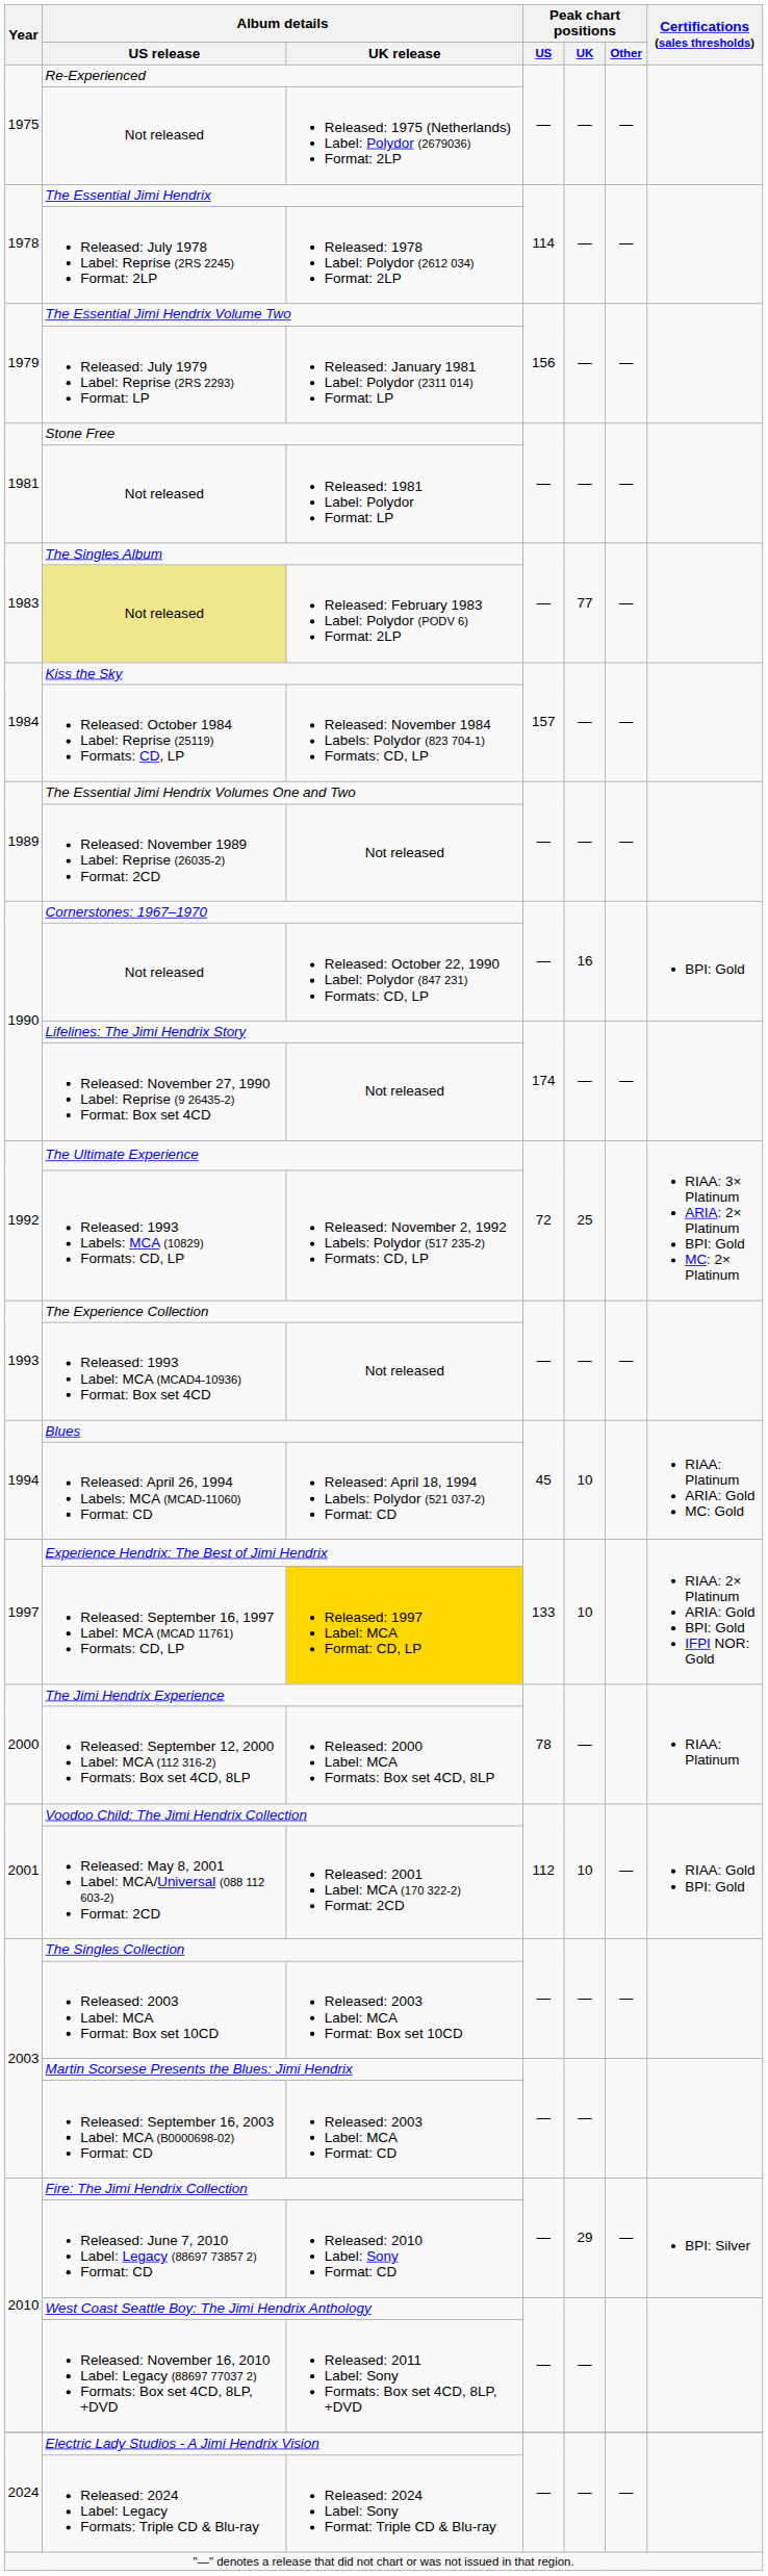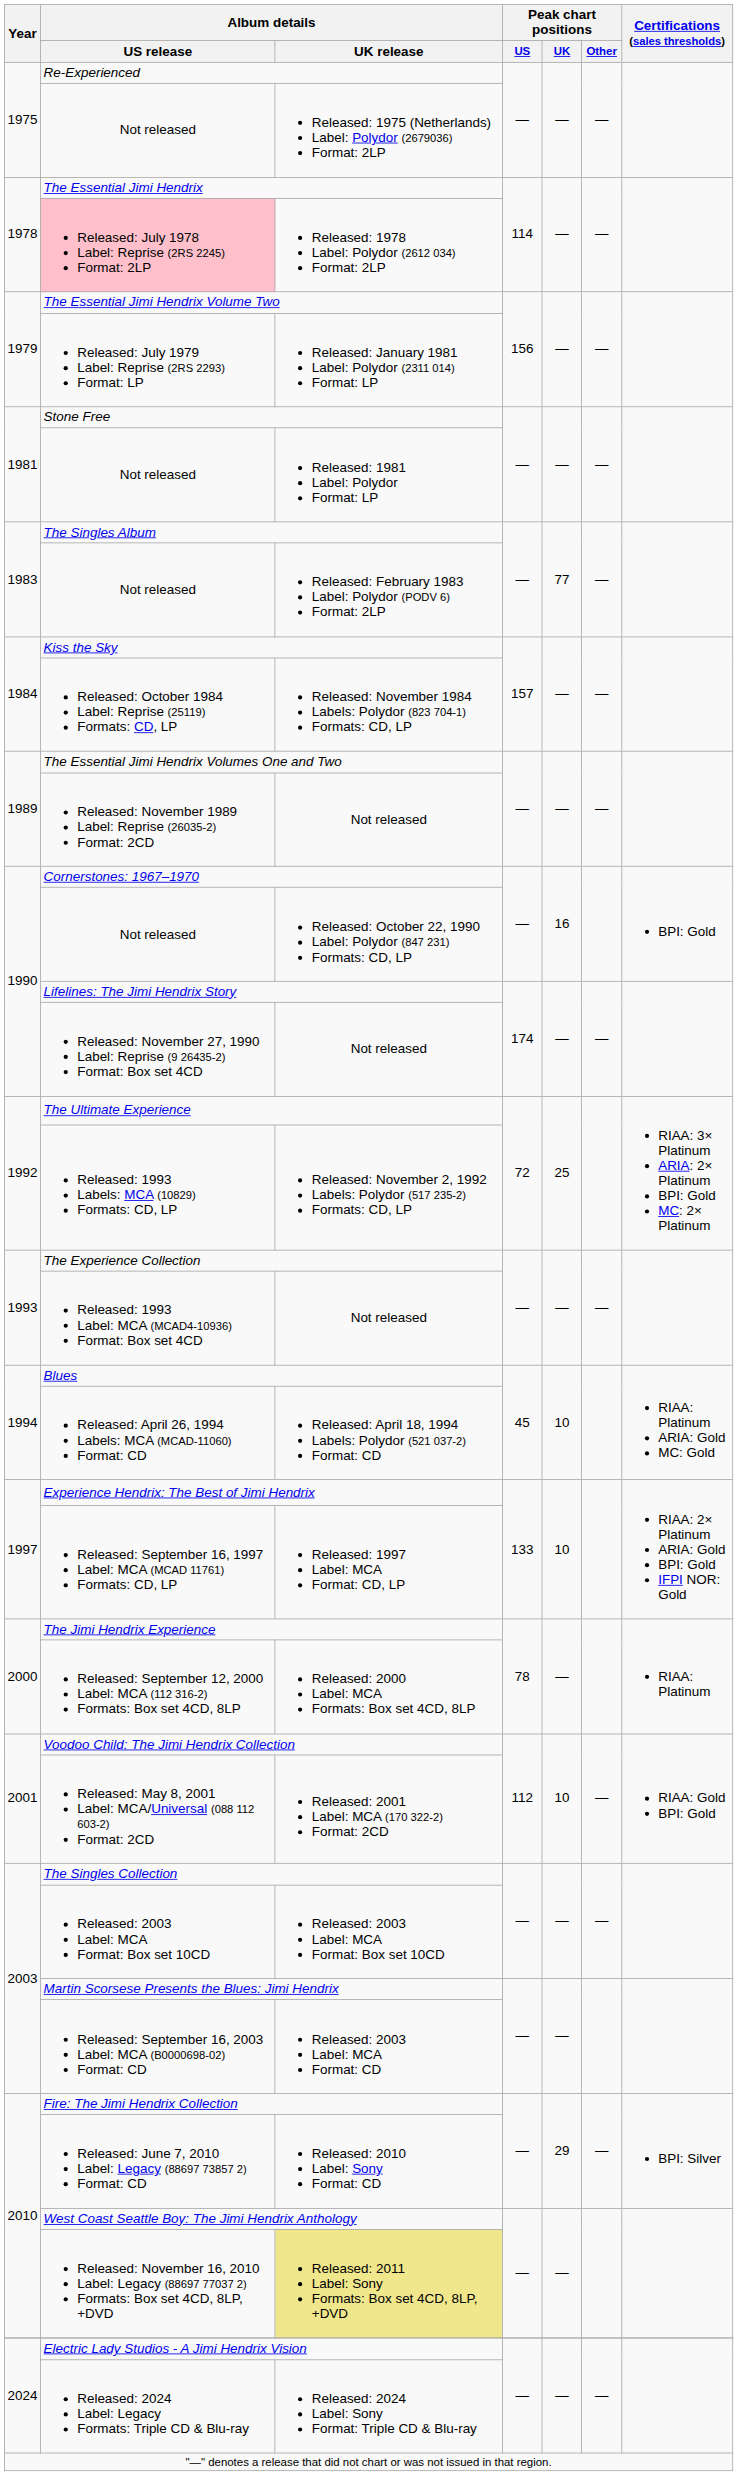 <table class="wikitable">
 <tr>
 <th rowspan="3">Year</th>
 <th rowspan="2" colspan="2" style="width:500px;">Album details</th>
 <th colspan="3">Peak chart positions</th>
 <th rowspan="3" style="width:125px;"><a href='#'>Certifications</a><br><small>(<a href='#'>sales thresholds</a>)</small></th>
 </tr>
 <tr>
 <th style="width:3em;font-size:85%" rowspan="2"><a href='#'>US</a><br></th>
 <th style="width:3em;font-size:85%" rowspan="2"><a href='#'>UK</a><br></th>
 <th style="width:3em;font-size:85%" rowspan="2"><a href='#'>Other</a><br></th>
 </tr>
 <tr>
 <th>US release</th>
 <th>UK release</th>
 </tr>
 <tr>
 <td rowspan="2">1975</td>
 <td colspan="2"><em>Re-Experienced</em></td>
 <td style="text-align:center;" rowspan="2">—</td>
 <td style="text-align:center;" rowspan="2">—</td>
 <td style="text-align:center;" rowspan="2">—</td>
 <td rowspan="2"></td>
 </tr>
 <tr>
 <td style="text-align:center;">Not released</td>
 <td><br><ul><li>Released: 1975 (Netherlands)</li><li>Label: <a href='#'>Polydor</a> <small>(2679036)</small></li><li>Format: 2LP</li></ul></td>
 </tr>
 <tr>
 <td rowspan="2">1978</td>
 <td colspan="2"><em><a href='#'>The Essential Jimi Hendrix</a></em></td>
 <td style="text-align:center;" rowspan="2">114</td>
 <td style="text-align:center;" rowspan="2">—</td>
 <td style="text-align:center;" rowspan="2">—</td>
 <td rowspan="2"></td>
 </tr>
 <tr>
-<td><br><ul><li>Released: July 1978</li><li>Label: Reprise <small>(2RS 2245)</small></li><li>Format: 2LP</li></ul></td>
+<td style="background: pink;"><br><ul><li>Released: July 1978</li><li>Label: Reprise <small>(2RS 2245)</small></li><li>Format: 2LP</li></ul></td>
 <td><br><ul><li>Released: 1978</li><li>Label: Polydor <small>(2612 034)</small></li><li>Format: 2LP</li></ul></td>
 </tr>
 <tr>
 <td rowspan="2">1979</td>
 <td colspan="2"><em><a href='#'>The Essential Jimi Hendrix Volume Two</a></em></td>
 <td style="text-align:center;" rowspan="2">156</td>
 <td style="text-align:center;" rowspan="2">—</td>
 <td style="text-align:center;" rowspan="2">—</td>
 <td rowspan="2"></td>
 </tr>
 <tr>
 <td><br><ul><li>Released: July 1979</li><li>Label: Reprise <small>(2RS 2293)</small></li><li>Format: LP</li></ul></td>
 <td><br><ul><li>Released: January 1981</li><li>Label: Polydor <small>(2311 014)</small></li><li>Format: LP</li></ul></td>
 </tr>
 <tr>
 <td rowspan="2">1981</td>
 <td colspan="2"><em>Stone Free</em></td>
 <td style="text-align:center;" rowspan="2">—</td>
 <td style="text-align:center;" rowspan="2">—</td>
 <td style="text-align:center;" rowspan="2">—</td>
 <td rowspan="2"></td>
 </tr>
 <tr>
 <td style="text-align:center;">Not released</td>
 <td><br><ul><li>Released: 1981</li><li>Label: Polydor</li><li>Format: LP</li></ul></td>
 </tr>
 <tr>
 <td rowspan="2">1983</td>
 <td colspan="2"><em><a href='#'>The Singles Album</a></em></td>
 <td style="text-align:center;" rowspan="2">—</td>
 <td style="text-align:center;" rowspan="2">77</td>
 <td style="text-align:center;" rowspan="2">—</td>
 <td rowspan="2"></td>
 </tr>
 <tr>
-<td style="background: khaki; text-align:center;">Not released</td>
+<td style="text-align:center;">Not released</td>
 <td><br><ul><li>Released: February 1983</li><li>Label: Polydor <small>(PODV 6)</small></li><li>Format: 2LP</li></ul></td>
 </tr>
 <tr>
 <td rowspan="2">1984</td>
 <td colspan="2"><em><a href='#'>Kiss the Sky</a></em></td>
 <td style="text-align:center;" rowspan="2">157</td>
 <td style="text-align:center;" rowspan="2">—</td>
 <td style="text-align:center;" rowspan="2">—</td>
 <td rowspan="2"></td>
 </tr>
 <tr>
 <td><br><ul><li>Released: October 1984</li><li>Label: Reprise <small>(25119)</small></li><li>Formats: <a href='#'>CD</a>, LP</li></ul></td>
 <td><br><ul><li>Released: November 1984</li><li>Labels: Polydor <small>(823 704-1)</small></li><li>Formats: CD, LP</li></ul></td>
 </tr>
 <tr>
 <td rowspan="2">1989</td>
 <td colspan="2"><em>The Essential Jimi Hendrix Volumes One and Two</em></td>
 <td style="text-align:center;" rowspan="2">—</td>
 <td style="text-align:center;" rowspan="2">—</td>
 <td style="text-align:center;" rowspan="2">—</td>
 <td rowspan="2"></td>
 </tr>
 <tr>
 <td><br><ul><li>Released: November 1989</li><li>Label: Reprise <small>(26035-2)</small></li><li>Format: 2CD</li></ul></td>
 <td style="text-align:center;">Not released</td>
 </tr>
 <tr>
 <td rowspan="4">1990</td>
 <td colspan="2"><em><a href='#'>Cornerstones: 1967&ndash;1970</a></em></td>
 <td style="text-align:center;" rowspan="2">—</td>
 <td style="text-align:center;" rowspan="2">16</td>
 <td style="text-align:center;" rowspan="2"></td>
 <td rowspan="2"><br><ul><li>BPI: Gold</li></ul></td>
 </tr>
 <tr>
 <td style="text-align:center;">Not released</td>
 <td><br><ul><li>Released: October 22, 1990</li><li>Label: Polydor <small>(847 231)</small></li><li>Formats: CD, LP</li></ul></td>
 </tr>
 <tr>
 <td colspan="2"><em><a href='#'>Lifelines: The Jimi Hendrix Story</a></em></td>
 <td style="text-align:center;" rowspan="2">174</td>
 <td style="text-align:center;" rowspan="2">—</td>
 <td style="text-align:center;" rowspan="2">—</td>
 <td rowspan="2"></td>
 </tr>
 <tr>
 <td><br><ul><li>Released: November 27, 1990</li><li>Label: Reprise <small>(9 26435-2)</small></li><li>Format: Box set 4CD</li></ul></td>
 <td style="text-align:center;">Not released</td>
 </tr>
 <tr>
 <td rowspan="2">1992</td>
 <td colspan="2"><em><a href='#'>The Ultimate Experience</a></em></td>
 <td style="text-align:center;" rowspan="2">72</td>
 <td style="text-align:center;" rowspan="2">25</td>
 <td style="text-align:center;" rowspan="2"></td>
 <td rowspan="2"><br><ul><li>RIAA: 3× Platinum</li><li><a href='#'>ARIA</a>: 2× Platinum</li><li>BPI: Gold</li><li><a href='#'>MC</a>: 2× Platinum</li></ul></td>
 </tr>
 <tr>
 <td><br><ul><li>Released: 1993</li><li>Labels: <a href='#'>MCA</a> <small>(10829)</small></li><li>Formats: CD, LP</li></ul></td>
 <td><br><ul><li>Released: November 2, 1992</li><li>Labels: Polydor <small>(517 235-2)</small></li><li>Formats: CD, LP</li></ul></td>
 </tr>
 <tr>
 <td rowspan="2">1993</td>
 <td colspan="2"><em>The Experience Collection</em></td>
 <td style="text-align:center;" rowspan="2">—</td>
 <td style="text-align:center;" rowspan="2">—</td>
 <td style="text-align:center;" rowspan="2">—</td>
 <td rowspan="2"></td>
 </tr>
 <tr>
 <td><br><ul><li>Released: 1993</li><li>Label: MCA <small>(MCAD4-10936)</small></li><li>Format: Box set 4CD</li></ul></td>
 <td style="text-align:center;">Not released</td>
 </tr>
 <tr>
 <td rowspan="2">1994</td>
 <td colspan="2"><em><a href='#'>Blues</a></em></td>
 <td style="text-align:center;" rowspan="2">45</td>
 <td style="text-align:center;" rowspan="2">10</td>
 <td style="text-align:center;" rowspan="2"></td>
 <td rowspan="2"><br><ul><li>RIAA: Platinum</li><li>ARIA: Gold</li><li>MC: Gold</li></ul></td>
 </tr>
 <tr>
 <td><br><ul><li>Released: April 26, 1994</li><li>Labels: MCA <small>(MCAD-11060)</small></li><li>Format: CD</li></ul></td>
 <td><br><ul><li>Released: April 18, 1994</li><li>Labels: Polydor <small>(521 037-2)</small></li><li>Format: CD</li></ul></td>
 </tr>
 <tr>
 <td rowspan="2">1997</td>
 <td colspan="2"><em><a href='#'>Experience Hendrix: The Best of Jimi Hendrix</a></em></td>
 <td style="text-align:center;" rowspan="2">133</td>
 <td style="text-align:center;" rowspan="2">10</td>
 <td style="text-align:center;" rowspan="2"></td>
 <td rowspan="2"><br><ul><li>RIAA: 2× Platinum</li><li>ARIA: Gold</li><li>BPI: Gold</li><li><a href='#'>IFPI</a> NOR: Gold</li></ul></td>
 </tr>
 <tr>
 <td><br><ul><li>Released: September 16, 1997</li><li>Label: MCA <small>(MCAD 11761)</small></li><li>Formats: CD, LP</li></ul></td>
-<td style="background: gold;"><br><ul><li>Released: 1997</li><li>Label: MCA</li><li>Format: CD, LP</li></ul></td>
+<td><br><ul><li>Released: 1997</li><li>Label: MCA</li><li>Format: CD, LP</li></ul></td>
 </tr>
 <tr>
 <td rowspan="2">2000</td>
 <td colspan="2"><em><a href='#'>The Jimi Hendrix Experience</a></em></td>
 <td style="text-align:center;" rowspan="2">78</td>
 <td style="text-align:center;" rowspan="2">—</td>
 <td style="text-align:center;" rowspan="2"></td>
 <td rowspan="2"><br><ul><li>RIAA: Platinum</li></ul></td>
 </tr>
 <tr>
 <td><br><ul><li>Released: September 12, 2000</li><li>Label: MCA <small>(112 316-2)</small></li><li>Formats: Box set 4CD, 8LP</li></ul></td>
 <td><br><ul><li>Released: 2000</li><li>Label: MCA</li><li>Formats: Box set 4CD, 8LP</li></ul></td>
 </tr>
 <tr>
 <td rowspan="2">2001</td>
 <td colspan="2"><em><a href='#'>Voodoo Child: The Jimi Hendrix Collection</a></em></td>
 <td style="text-align:center;" rowspan="2">112</td>
 <td style="text-align:center;" rowspan="2">10</td>
 <td style="text-align:center;" rowspan="2">—</td>
 <td rowspan="2"><br><ul><li>RIAA: Gold</li><li>BPI: Gold</li></ul></td>
 </tr>
 <tr>
 <td><br><ul><li>Released: May 8, 2001</li><li>Label: MCA/<a href='#'>Universal</a>  <small>(088 112 603-2)</small></li><li>Format: 2CD</li></ul></td>
 <td><br><ul><li>Released: 2001</li><li>Label: MCA <small>(170 322-2)</small></li><li>Format: 2CD</li></ul></td>
 </tr>
 <tr>
 <td rowspan="4">2003</td>
 <td colspan="2"><em><a href='#'>The Singles Collection</a></em></td>
 <td style="text-align:center;" rowspan="2">—</td>
 <td style="text-align:center;" rowspan="2">—</td>
 <td style="text-align:center;" rowspan="2">—</td>
 <td rowspan="2"></td>
 </tr>
 <tr>
 <td><br><ul><li>Released: 2003</li><li>Label: MCA</li><li>Format: Box set 10CD</li></ul></td>
 <td><br><ul><li>Released: 2003</li><li>Label: MCA</li><li>Format: Box set 10CD</li></ul></td>
 </tr>
 <tr>
 <td colspan="2"><em><a href='#'>Martin Scorsese Presents the Blues: Jimi Hendrix</a></em></td>
 <td style="text-align:center;" rowspan="2">—</td>
 <td style="text-align:center;" rowspan="2">—</td>
 <td style="text-align:center;" rowspan="2"></td>
 <td rowspan="2"></td>
 </tr>
 <tr>
 <td><br><ul><li>Released: September 16, 2003</li><li>Label: MCA <small>(B0000698-02)</small></li><li>Format: CD</li></ul></td>
 <td><br><ul><li>Released: 2003</li><li>Label: MCA</li><li>Format: CD</li></ul></td>
 </tr>
 <tr>
 <td rowspan="4">2010</td>
 <td colspan="2"><em><a href='#'>Fire: The Jimi Hendrix Collection</a></em></td>
 <td style="text-align:center;" rowspan="2">—</td>
 <td style="text-align:center;" rowspan="2">29</td>
 <td style="text-align:center;" rowspan="2">—</td>
 <td rowspan="2"><br><ul><li>BPI: Silver</li></ul></td>
 </tr>
 <tr>
 <td><br><ul><li>Released: June 7, 2010</li><li>Label: <a href='#'>Legacy</a> <small>(88697 73857 2)</small></li><li>Format: CD</li></ul></td>
 <td><br><ul><li>Released: 2010</li><li>Label: <a href='#'>Sony</a></li><li>Format: CD</li></ul></td>
 </tr>
 <tr>
 <td colspan="2"><em><a href='#'>West Coast Seattle Boy: The Jimi Hendrix Anthology</a></em></td>
 <td style="text-align:center;" rowspan="2">—</td>
 <td style="text-align:center;" rowspan="2">—</td>
 <td style="text-align:center;" rowspan="2"></td>
 <td rowspan="2"></td>
 </tr>
 <tr>
 <td><br><ul><li>Released: November 16, 2010</li><li>Label: Legacy <small>(88697 77037 2)</small></li><li>Formats: Box set 4CD, 8LP, +DVD</li></ul></td>
-<td><br><ul><li>Released: 2011</li><li>Label: Sony</li><li>Formats: Box set 4CD, 8LP, +DVD</li></ul></td>
+<td style="background: khaki;"><br><ul><li>Released: 2011</li><li>Label: Sony</li><li>Formats: Box set 4CD, 8LP, +DVD</li></ul></td>
 </tr>
 <tr>
 </tr>
 <tr>
 <td rowspan="2">2024</td>
 <td colspan="2"><em><a href='#'>Electric Lady Studios - A Jimi Hendrix Vision</a></em></td>
 <td style="text-align:center;" rowspan="2">—</td>
 <td style="text-align:center;" rowspan="2">—</td>
 <td style="text-align:center;" rowspan="2">—</td>
 <td rowspan="2"></td>
 </tr>
 <tr>
 <td><br><ul><li>Released: 2024</li><li>Label: Legacy</li><li>Formats: Triple CD & Blu-ray</li></ul></td>
 <td><br><ul><li>Released: 2024</li><li>Label: Sony</li><li>Format: Triple CD & Blu-ray</li></ul></td>
 </tr>
 <tr>
 <td colspan="8" style="text-align:center; font-size:85%;">"—" denotes a release that did not chart or was not issued in that region.</td>
 </tr>
 </table>
